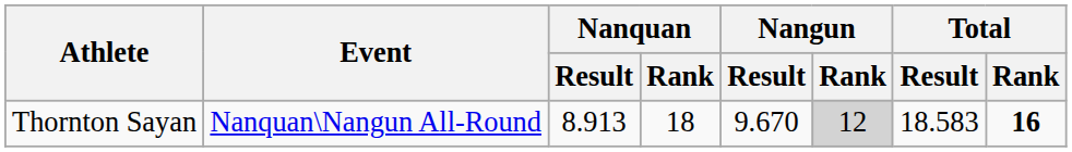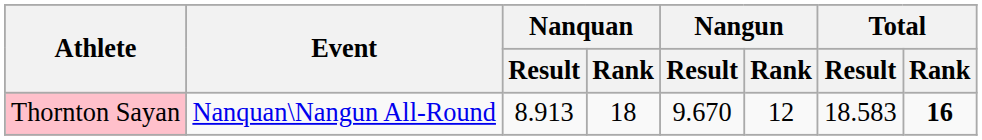 <table class=wikitable style="font-size:90%">
 <tr>
 <th rowspan=2>Athlete</th>
 <th rowspan=2>Event</th>
 <th colspan=2>Nanquan</th>
 <th colspan=2>Nangun</th>
 <th colspan=2>Total</th>
 </tr>
 <tr>
 <th>Result</th>
 <th>Rank</th>
 <th>Result</th>
 <th>Rank</th>
 <th>Result</th>
 <th>Rank</th>
 </tr>
 <tr>
-<td>Thornton Sayan</td>
+<td style="background: pink;">Thornton Sayan</td>
 <td><a href='#'>Nanquan\Nangun All-Round</a></td>
 <td align=center>8.913</td>
 <td align=center>18</td>
 <td align=center>9.670</td>
-<td align=center style="background: lightgrey;">12</td>
+<td align=center>12</td>
 <td align=center>18.583</td>
 <td align=center><strong>16</strong></td>
 </tr>
 </table>
